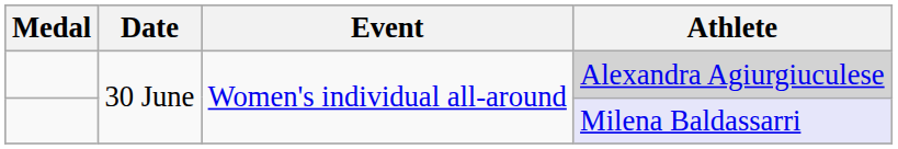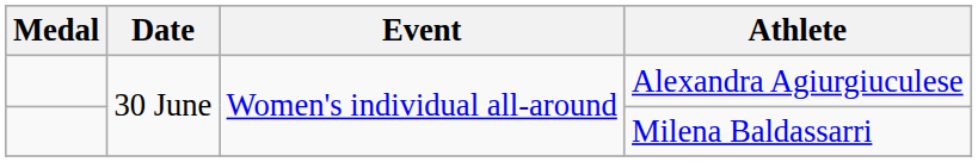 <table class="wikitable sortable">
 <tr>
 <th>Medal</th>
 <th>Date</th>
 <th>Event</th>
 <th>Athlete</th>
 </tr>
 <tr>
 <td></td>
 <td rowspan="2">30 June</td>
 <td rowspan="2"><a href='#'>Women's individual all-around</a></td>
-<td style="background: lightgrey;"><a href='#'>Alexandra Agiurgiuculese</a></td>
+<td><a href='#'>Alexandra Agiurgiuculese</a></td>
 </tr>
 <tr>
 <td></td>
-<td style="background: lavender;"><a href='#'>Milena Baldassarri</a></td>
+<td><a href='#'>Milena Baldassarri</a></td>
 </tr>
 </table>
